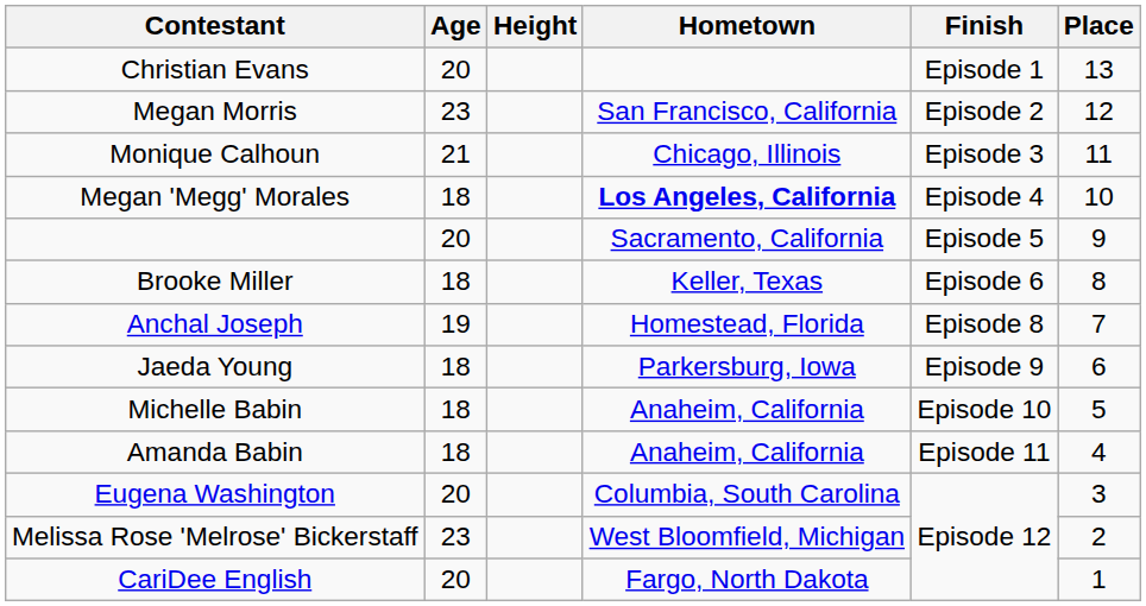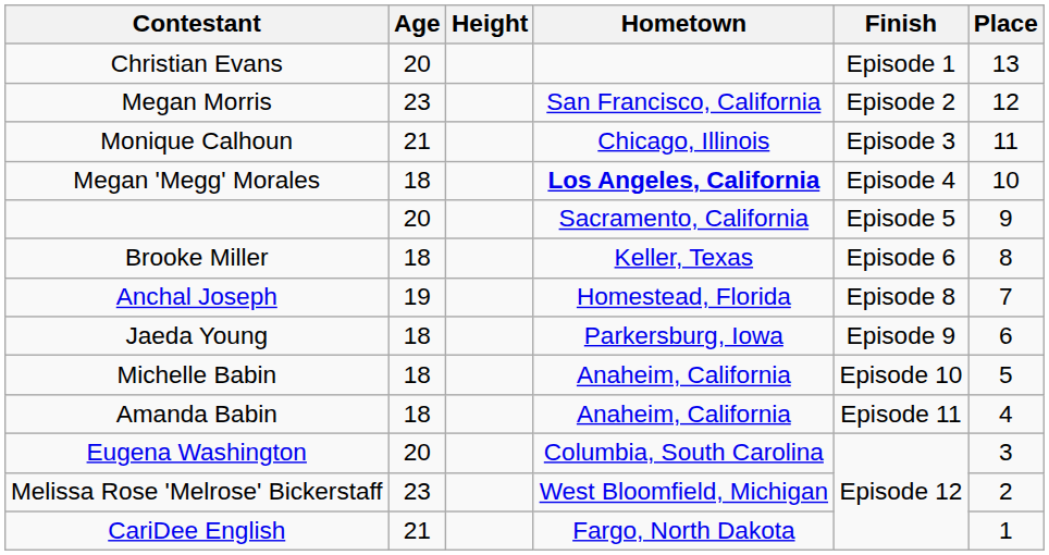 <table class="wikitable sortable" style="text-align:center;">
 <tr>
 <th>Contestant</th>
 <th>Age</th>
 <th>Height</th>
 <th>Hometown</th>
 <th>Finish</th>
 <th>Place</th>
 </tr>
 <tr>
 <td>Christian Evans</td>
 <td>20</td>
 <td></td>
 <td></td>
 <td>Episode 1</td>
 <td>13</td>
 </tr>
 <tr>
 <td>Megan Morris</td>
 <td>23</td>
 <td nowrap></td>
 <td nowrap><a href='#'>San Francisco, California</a></td>
 <td>Episode 2</td>
 <td>12</td>
 </tr>
 <tr>
 <td>Monique Calhoun</td>
 <td>21</td>
 <td></td>
 <td><a href='#'>Chicago, Illinois</a></td>
 <td>Episode 3</td>
 <td>11</td>
 </tr>
 <tr>
 <td>Megan 'Megg' Morales</td>
 <td>18</td>
 <td></td>
 <td><strong><a href='#'>Los Angeles, California</a></strong></td>
 <td>Episode 4</td>
 <td>10</td>
 </tr>
 <tr>
 <td></td>
 <td>20</td>
 <td></td>
 <td><a href='#'>Sacramento, California</a></td>
 <td>Episode 5</td>
 <td>9</td>
 </tr>
 <tr>
 <td>Brooke Miller</td>
 <td>18</td>
 <td></td>
 <td><a href='#'>Keller, Texas</a></td>
 <td>Episode 6</td>
 <td>8</td>
 </tr>
 <tr>
 <td><a href='#'>Anchal Joseph</a></td>
 <td>19</td>
 <td></td>
 <td><a href='#'>Homestead, Florida</a></td>
 <td>Episode 8</td>
 <td>7</td>
 </tr>
 <tr>
 <td>Jaeda Young</td>
 <td>18</td>
 <td></td>
 <td><a href='#'>Parkersburg, Iowa</a></td>
 <td>Episode 9</td>
 <td>6</td>
 </tr>
 <tr>
 <td>Michelle Babin</td>
 <td>18</td>
 <td></td>
 <td><a href='#'>Anaheim, California</a></td>
 <td nowrap>Episode 10</td>
 <td>5</td>
 </tr>
 <tr>
 <td>Amanda Babin</td>
 <td>18</td>
 <td></td>
 <td><a href='#'>Anaheim, California</a></td>
 <td>Episode 11</td>
 <td>4</td>
 </tr>
 <tr>
 <td><a href='#'>Eugena Washington</a></td>
 <td>20</td>
 <td></td>
 <td><a href='#'>Columbia, South Carolina</a></td>
 <td rowspan="3">Episode 12</td>
 <td>3</td>
 </tr>
 <tr>
 <td nowrap>Melissa Rose 'Melrose' Bickerstaff</td>
 <td>23</td>
 <td></td>
 <td><a href='#'>West Bloomfield, Michigan</a></td>
 <td>2</td>
 </tr>
 <tr>
 <td><a href='#'>CariDee English</a></td>
-<td>20</td>
+<td>21</td>
 <td></td>
 <td><a href='#'>Fargo, North Dakota</a></td>
 <td>1</td>
 </tr>
 </table>
